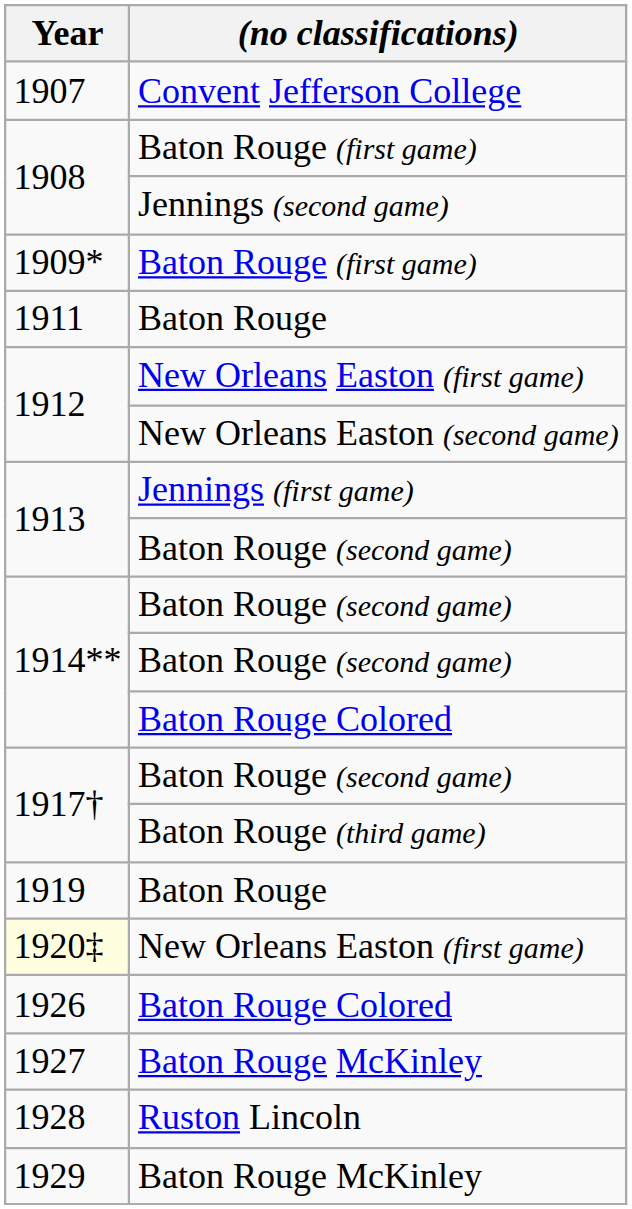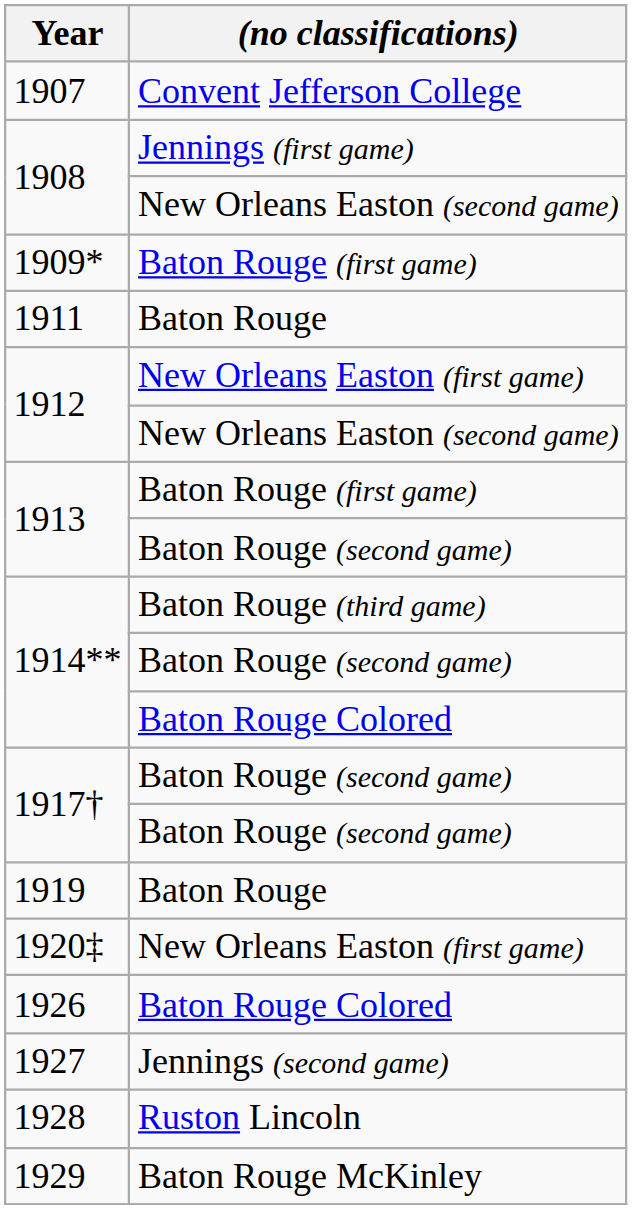 <table class="wikitable">
 <tr>
 <th>Year</th>
 <th><em>(no classifications)</em></th>
 </tr>
 <tr>
 <td>1907</td>
 <td><a href='#'>Convent</a> <a href='#'>Jefferson College</a></td>
 </tr>
 <tr>
 <td rowspan="2">1908</td>
-<td>Baton Rouge <small><em>(first game)</em></small></td>
+<td><a href='#'>Jennings</a> <small><em>(first game)</em></small></td>
 </tr>
 <tr>
-<td>Jennings <small><em>(second game)</em></small></td>
+<td>New Orleans Easton <small><em>(second game)</em></small></td>
 </tr>
 <tr>
 <td>1909*</td>
 <td><a href='#'>Baton Rouge</a> <small><em>(first game)</em></small></td>
 </tr>
 <tr>
 <td>1911</td>
 <td>Baton Rouge</td>
 </tr>
 <tr>
 <td rowspan="2">1912</td>
 <td><a href='#'>New Orleans</a> <a href='#'>Easton</a> <small><em>(first game)</em></small></td>
 </tr>
 <tr>
 <td>New Orleans Easton <small><em>(second game)</em></small></td>
 </tr>
 <tr>
 <td rowspan="2">1913</td>
-<td><a href='#'>Jennings</a> <small><em>(first game)</em></small></td>
+<td>Baton Rouge <small><em>(first game)</em></small></td>
 </tr>
 <tr>
 <td>Baton Rouge <small><em>(second game)</em></small></td>
 </tr>
 <tr>
 <td rowspan="3">1914**</td>
-<td>Baton Rouge <small><em>(second game)</em></small></td>
+<td>Baton Rouge <small><em>(third game)</em></small></td>
 </tr>
 <tr>
 <td>Baton Rouge <small><em>(second game)</em></small></td>
 </tr>
 <tr>
 <td><a href='#'>Baton Rouge Colored</a></td>
 </tr>
 <tr>
 <td rowspan="2">1917†</td>
 <td>Baton Rouge <small><em>(second game)</em></small></td>
 </tr>
 <tr>
-<td>Baton Rouge <small><em>(third game)</em></small></td>
+<td>Baton Rouge <small><em>(second game)</em></small></td>
 </tr>
 <tr>
 <td>1919</td>
 <td>Baton Rouge</td>
 </tr>
 <tr>
-<td style="background: lightyellow;">1920‡</td>
+<td>1920‡</td>
 <td>New Orleans Easton <small><em>(first game)</em></small></td>
 </tr>
 <tr>
 <td>1926</td>
 <td><a href='#'>Baton Rouge Colored</a></td>
 </tr>
 <tr>
 <td>1927</td>
-<td><a href='#'>Baton Rouge</a> <a href='#'>McKinley</a></td>
+<td>Jennings <small><em>(second game)</em></small></td>
 </tr>
 <tr>
 <td>1928</td>
 <td><a href='#'>Ruston</a> Lincoln</td>
 </tr>
 <tr>
 <td>1929</td>
 <td>Baton Rouge McKinley</td>
 </tr>
 <tr>
 </tr>
 </table>
